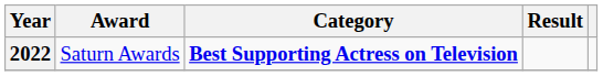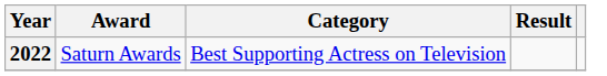 <table class="wikitable sortable">
 <tr>
 <th scope="col">Year</th>
 <th scope="col">Award</th>
 <th scope="col">Category</th>
 <th scope="col">Result</th>
 <th scope="col"></th>
 </tr>
 <tr>
 <th scope="row">2022</th>
 <td><a href='#'>Saturn Awards</a></td>
-<td><strong><a href='#'>Best Supporting Actress on Television</a></strong></td>
+<td><a href='#'>Best Supporting Actress on Television</a></td>
 <td></td>
 <td></td>
 </tr>
 <tr>
 </tr>
 </table>
